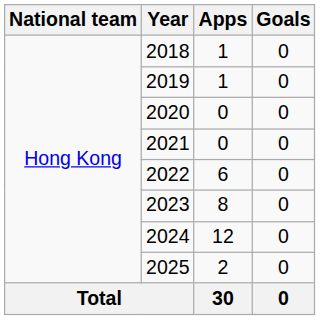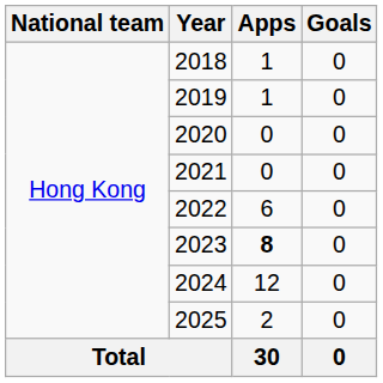 <table class="wikitable" style="text-align:center">
 <tr>
 <th>National team</th>
 <th>Year</th>
 <th>Apps</th>
 <th>Goals</th>
 </tr>
 <tr>
 <td rowspan="8"><a href='#'>Hong Kong</a></td>
 <td>2018</td>
 <td>1</td>
 <td>0</td>
 </tr>
 <tr>
 <td>2019</td>
 <td>1</td>
 <td>0</td>
 </tr>
 <tr>
 <td>2020</td>
 <td>0</td>
 <td>0</td>
 </tr>
 <tr>
 <td>2021</td>
 <td>0</td>
 <td>0</td>
 </tr>
 <tr>
 <td>2022</td>
 <td>6</td>
 <td>0</td>
 </tr>
 <tr>
 <td>2023</td>
-<td>8</td>
+<td><strong>8</strong></td>
 <td>0</td>
 </tr>
 <tr>
 <td>2024</td>
 <td>12</td>
 <td>0</td>
 </tr>
 <tr>
 <td>2025</td>
 <td>2</td>
 <td>0</td>
 </tr>
 <tr>
 <th colspan=2>Total</th>
 <th>30</th>
 <th>0</th>
 </tr>
 </table>
